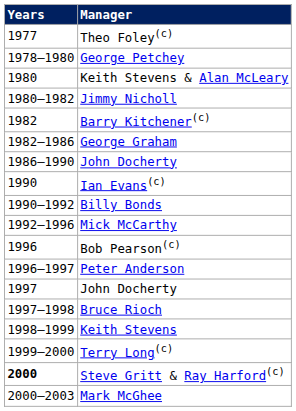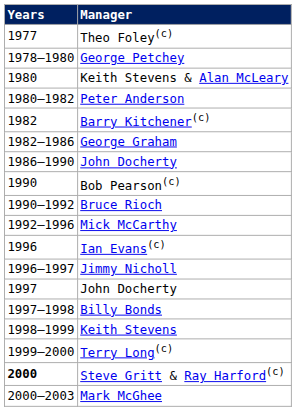 <table class="wikitable" style="background:#fff; text-align:left;">
 <tr style="font-weight:bold; color:#fff; background:#002060;"|>
 <td><strong>Years</strong></td>
 <td><strong>Manager</strong></td>
 </tr>
 <tr>
 <td>1977</td>
 <td> Theo Foley<sup>(c)</sup></td>
 </tr>
 <tr>
 <td>1978–1980</td>
 <td> <a href='#'>George Petchey</a></td>
 </tr>
 <tr>
 <td>1980</td>
 <td> Keith Stevens & <a href='#'>Alan McLeary</a></td>
 </tr>
 <tr>
 <td>1980–1982</td>
-<td> <a href='#'>Jimmy Nicholl</a></td>
+<td> <a href='#'>Peter Anderson</a></td>
 </tr>
 <tr>
 <td>1982</td>
 <td> <a href='#'>Barry Kitchener</a><sup>(c)</sup></td>
 </tr>
 <tr>
 <td>1982–1986</td>
 <td> <a href='#'>George Graham</a></td>
 </tr>
 <tr>
 <td>1986–1990</td>
 <td> <a href='#'>John Docherty</a></td>
 </tr>
 <tr>
 <td>1990</td>
-<td> <a href='#'>Ian Evans</a><sup>(c)</sup></td>
+<td> Bob Pearson<sup>(c)</sup></td>
 </tr>
 <tr>
 <td>1990–1992</td>
-<td> <a href='#'>Billy Bonds</a></td>
+<td> <a href='#'>Bruce Rioch</a></td>
 </tr>
 <tr>
 <td>1992–1996</td>
 <td> <a href='#'>Mick McCarthy</a></td>
 </tr>
 <tr>
 <td>1996</td>
-<td> Bob Pearson<sup>(c)</sup></td>
+<td> <a href='#'>Ian Evans</a><sup>(c)</sup></td>
 </tr>
 <tr>
 <td>1996–1997</td>
-<td> <a href='#'>Peter Anderson</a></td>
+<td> <a href='#'>Jimmy Nicholl</a></td>
 </tr>
 <tr>
 <td>1997</td>
 <td> John Docherty</td>
 </tr>
 <tr>
 <td>1997–1998</td>
-<td> <a href='#'>Bruce Rioch</a></td>
+<td> <a href='#'>Billy Bonds</a></td>
 </tr>
 <tr>
 <td>1998–1999</td>
 <td> <a href='#'>Keith Stevens</a></td>
 </tr>
 <tr>
 <td>1999–2000</td>
 <td> <a href='#'>Terry Long</a><sup>(c)</sup></td>
 </tr>
 <tr>
 <td><strong>2000</strong></td>
 <td> <a href='#'>Steve Gritt</a> & <a href='#'>Ray Harford</a><sup>(c)</sup></td>
 </tr>
 <tr>
 <td>2000–2003</td>
 <td> <a href='#'>Mark McGhee</a></td>
 </tr>
 </table>
